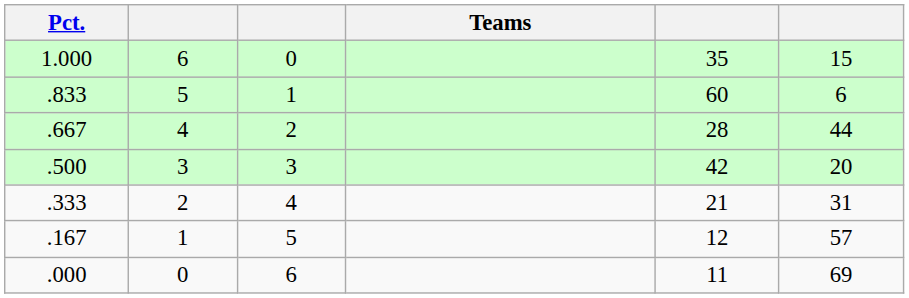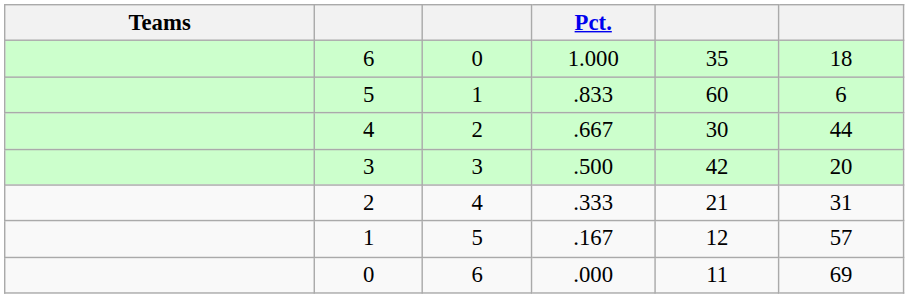 <table class="wikitable" width="40%" style="text-align:center;">
 <tr>
-<th width="8%"><a href='#'>Pct.</a></th>
+<th width="20%">Teams</th>
 <th width="7%"></th>
 <th width="7%"></th>
-<th width="20%">Teams</th>
+<th width="8%"><a href='#'>Pct.</a></th>
 <th width="8%"></th>
 <th width="8%"></th>
 </tr>
 <tr bgcolor="ccffcc">
-<td>1.000</td>
+<td align=left></td>
 <td>6</td>
 <td>0</td>
-<td align=left></td>
+<td>1.000</td>
 <td>35</td>
-<td>15</td>
+<td>18</td>
 </tr>
 <tr bgcolor="ccffcc">
-<td>.833</td>
+<td align=left></td>
 <td>5</td>
 <td>1</td>
-<td align=left></td>
+<td>.833</td>
 <td>60</td>
 <td>6</td>
 </tr>
 <tr bgcolor="ccffcc">
-<td>.667</td>
+<td align=left></td>
 <td>4</td>
 <td>2</td>
-<td align=left></td>
-<td>28</td>
+<td>.667</td>
+<td>30</td>
 <td>44</td>
 </tr>
 <tr bgcolor="ccffcc">
-<td>.500</td>
+<td align=left></td>
 <td>3</td>
 <td>3</td>
-<td align=left></td>
+<td>.500</td>
 <td>42</td>
 <td>20</td>
 </tr>
 <tr>
-<td>.333</td>
+<td align=left></td>
 <td>2</td>
 <td>4</td>
-<td align=left></td>
+<td>.333</td>
 <td>21</td>
 <td>31</td>
 </tr>
 <tr>
-<td>.167</td>
+<td align=left></td>
 <td>1</td>
 <td>5</td>
-<td align=left></td>
+<td>.167</td>
 <td>12</td>
 <td>57</td>
 </tr>
 <tr>
-<td>.000</td>
+<td align=left></td>
 <td>0</td>
 <td>6</td>
-<td align=left></td>
+<td>.000</td>
 <td>11</td>
 <td>69</td>
 </tr>
 </table>
